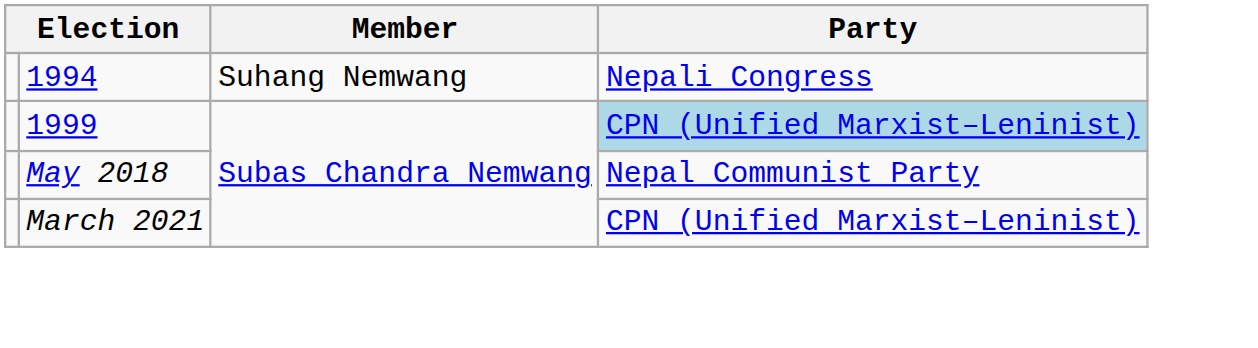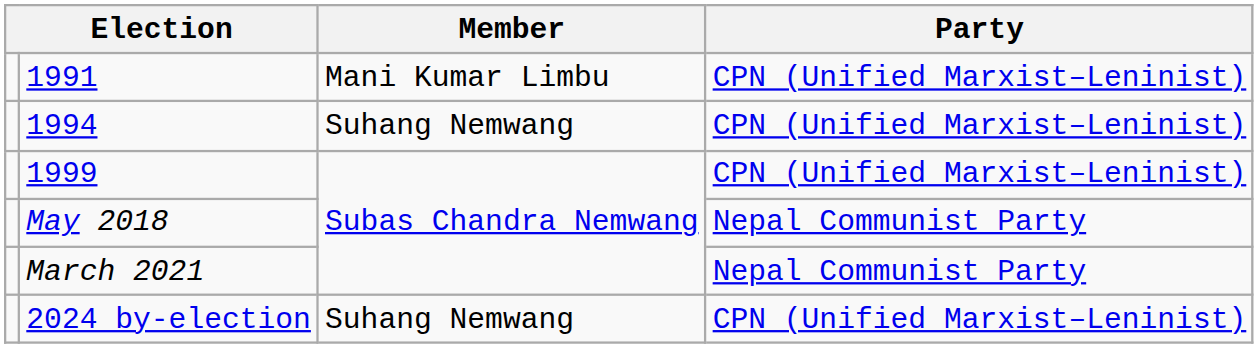 <table class="wikitable">
 <tr>
 <th colspan="2">Election</th>
 <th>Member</th>
 <th>Party</th>
 </tr>
 <tr>
 <td style="background-color:"></td>
+<td><a href='#'>1991</a></td>
+<td>Mani Kumar Limbu</td>
+<td><a href='#'>CPN (Unified Marxist–Leninist)</a></td>
+</tr>
+<tr>
+<td style="background-color:"></td>
 <td><a href='#'>1994</a></td>
 <td>Suhang Nemwang</td>
-<td><a href='#'>Nepali Congress</a></td>
+<td><a href='#'>CPN (Unified Marxist–Leninist)</a></td>
 </tr>
 <tr>
 <td style="background-color:"></td>
 <td><a href='#'>1999</a></td>
 <td rowspan="3"><a href='#'>Subas Chandra Nemwang</a></td>
-<td style="background: lightblue;"><a href='#'>CPN (Unified Marxist–Leninist)</a></td>
+<td><a href='#'>CPN (Unified Marxist–Leninist)</a></td>
 </tr>
 <tr>
 <td style="background-color:"></td>
 <td><em><a href='#'>May</a></em> <em>2018</em></td>
 <td><a href='#'>Nepal Communist Party</a></td>
 </tr>
 <tr>
 <td style="background-color:"></td>
 <td><em>March 2021</em></td>
+<td><a href='#'>Nepal Communist Party</a></td>
+</tr>
+<tr>
+<td style="background-color:"></td>
+<td><a href='#'>2024 by-election</a></td>
+<td>Suhang Nemwang</td>
 <td><a href='#'>CPN (Unified Marxist–Leninist)</a></td>
 </tr>
 </table>
